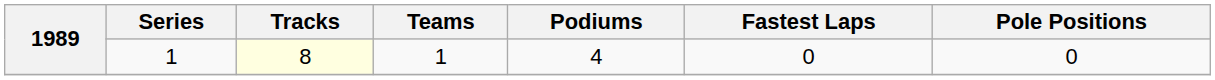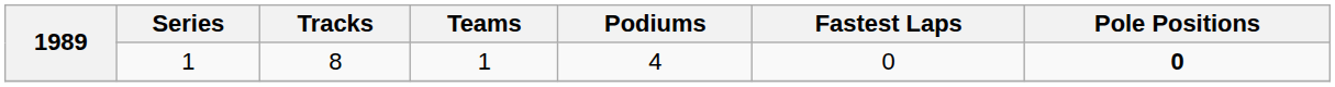 <table class="wikitable" width="881px">
 <tr>
 <th scope="col" rowspan="2">1989</th>
 <th scope="col">Series</th>
 <th scope="col">Tracks</th>
 <th scope="col">Teams</th>
 <th scope="col">Podiums</th>
 <th scope="col">Fastest Laps</th>
 <th scope="col">Pole Positions</th>
 </tr>
 <tr>
 <td style="text-align:center">1</td>
-<td style="background: lightyellow; text-align:center">8</td>
+<td style="text-align:center">8</td>
 <td style="text-align:center">1</td>
 <td style="text-align:center">4</td>
 <td style="text-align:center">0</td>
-<td style="text-align:center">0</td>
+<td style="text-align:center"><strong>0</strong></td>
 </tr>
 <tr>
 </tr>
 </table>
